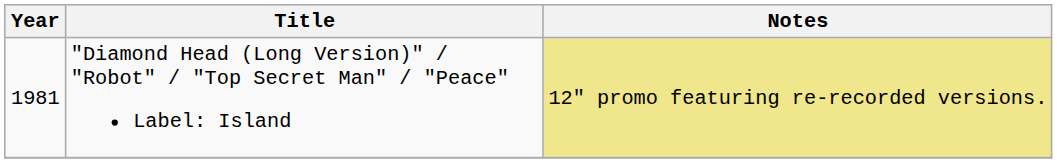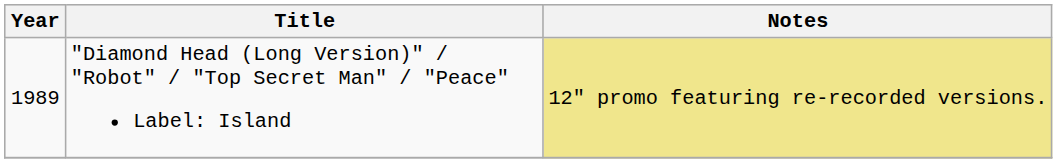 <table class="wikitable">
 <tr>
 <th style="width:33px;">Year</th>
 <th style="width:300px;">Title</th>
 <th>Notes</th>
 </tr>
 <tr>
-<td style="text-align:center;">1981</td>
+<td style="text-align:center;">1989</td>
 <td>"Diamond Head (Long Version)" / "Robot" / "Top Secret Man" / "Peace"<br><ul><li>Label: Island</li></ul></td>
 <td style="background: khaki;">12" promo featuring re-recorded versions.</td>
 </tr>
 <tr>
 </tr>
 </table>
